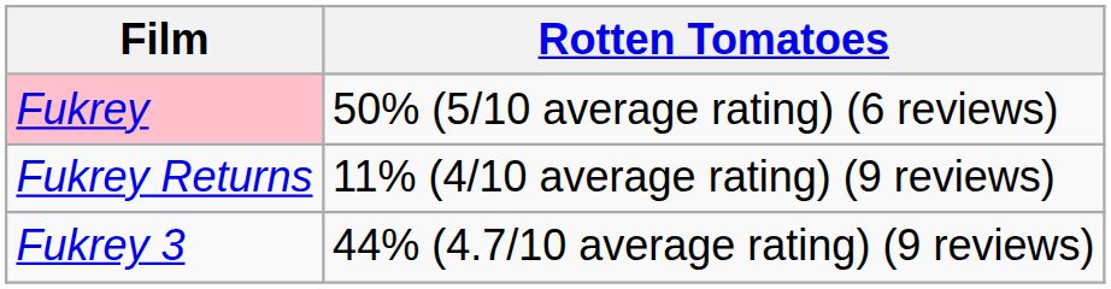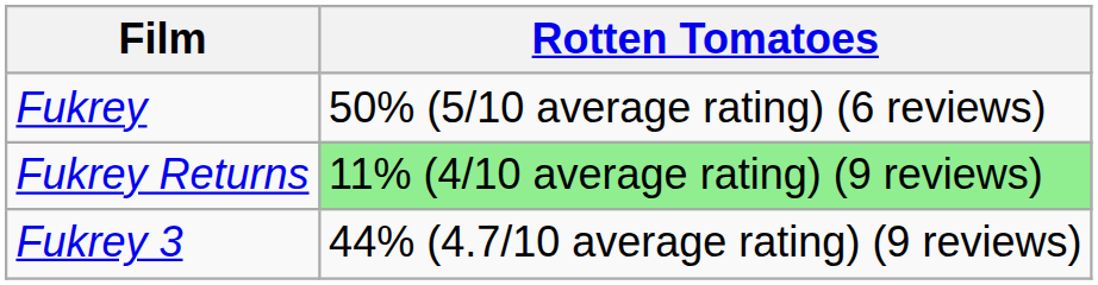 <table class="wikitable sortable">
 <tr>
 <th>Film</th>
 <th><a href='#'>Rotten Tomatoes</a></th>
 </tr>
 <tr>
-<td style="background: pink;"><em><a href='#'>Fukrey</a></em></td>
+<td><em><a href='#'>Fukrey</a></em></td>
 <td>50% (5/10 average rating) (6 reviews)</td>
 </tr>
 <tr>
 <td><a href='#'><em>Fukrey Returns</em></a></td>
-<td>11% (4/10 average rating) (9 reviews)</td>
+<td style="background: lightgreen;">11% (4/10 average rating) (9 reviews)</td>
 </tr>
 <tr>
 <td><em><a href='#'>Fukrey 3</a></em></td>
 <td>44% (4.7/10 average rating) (9 reviews)</td>
 </tr>
 </table>
